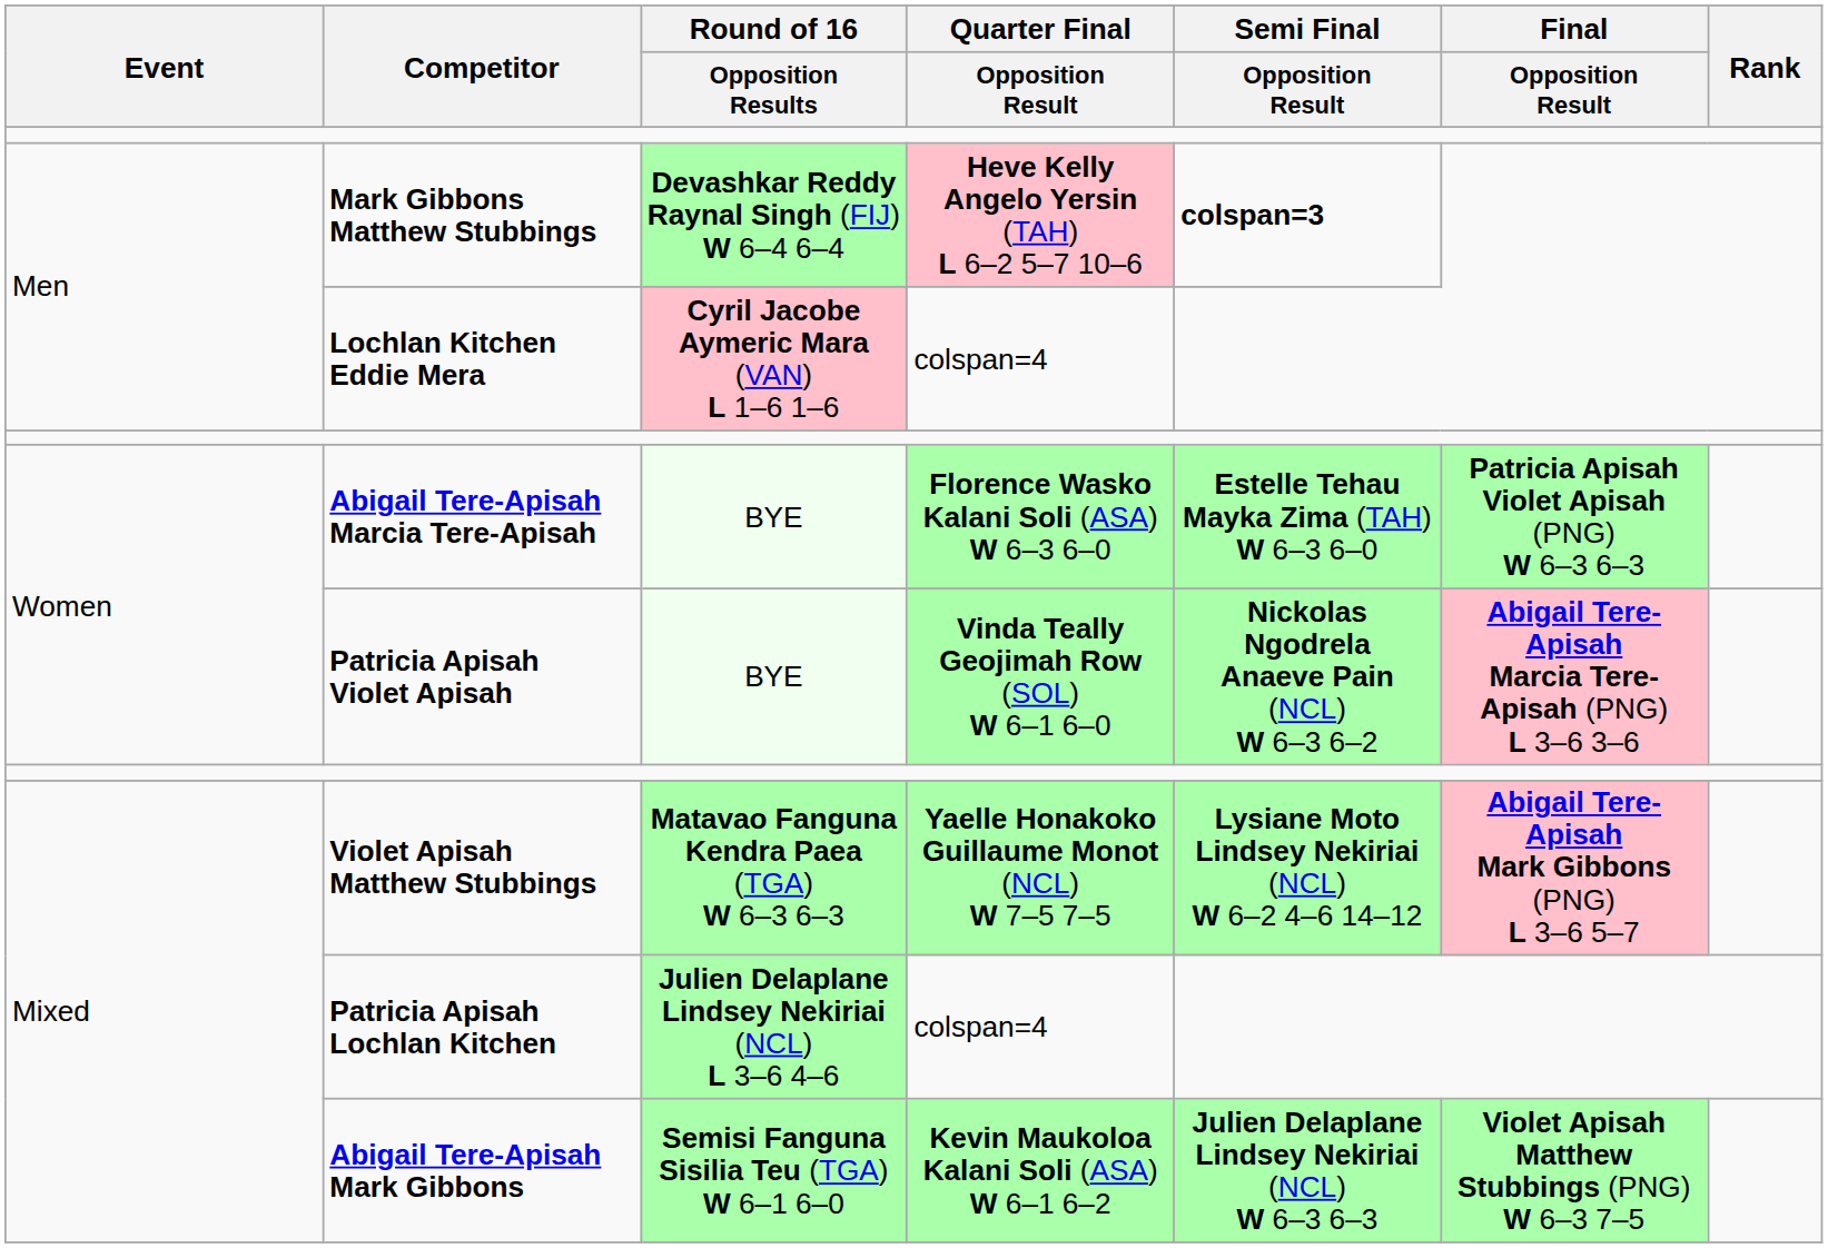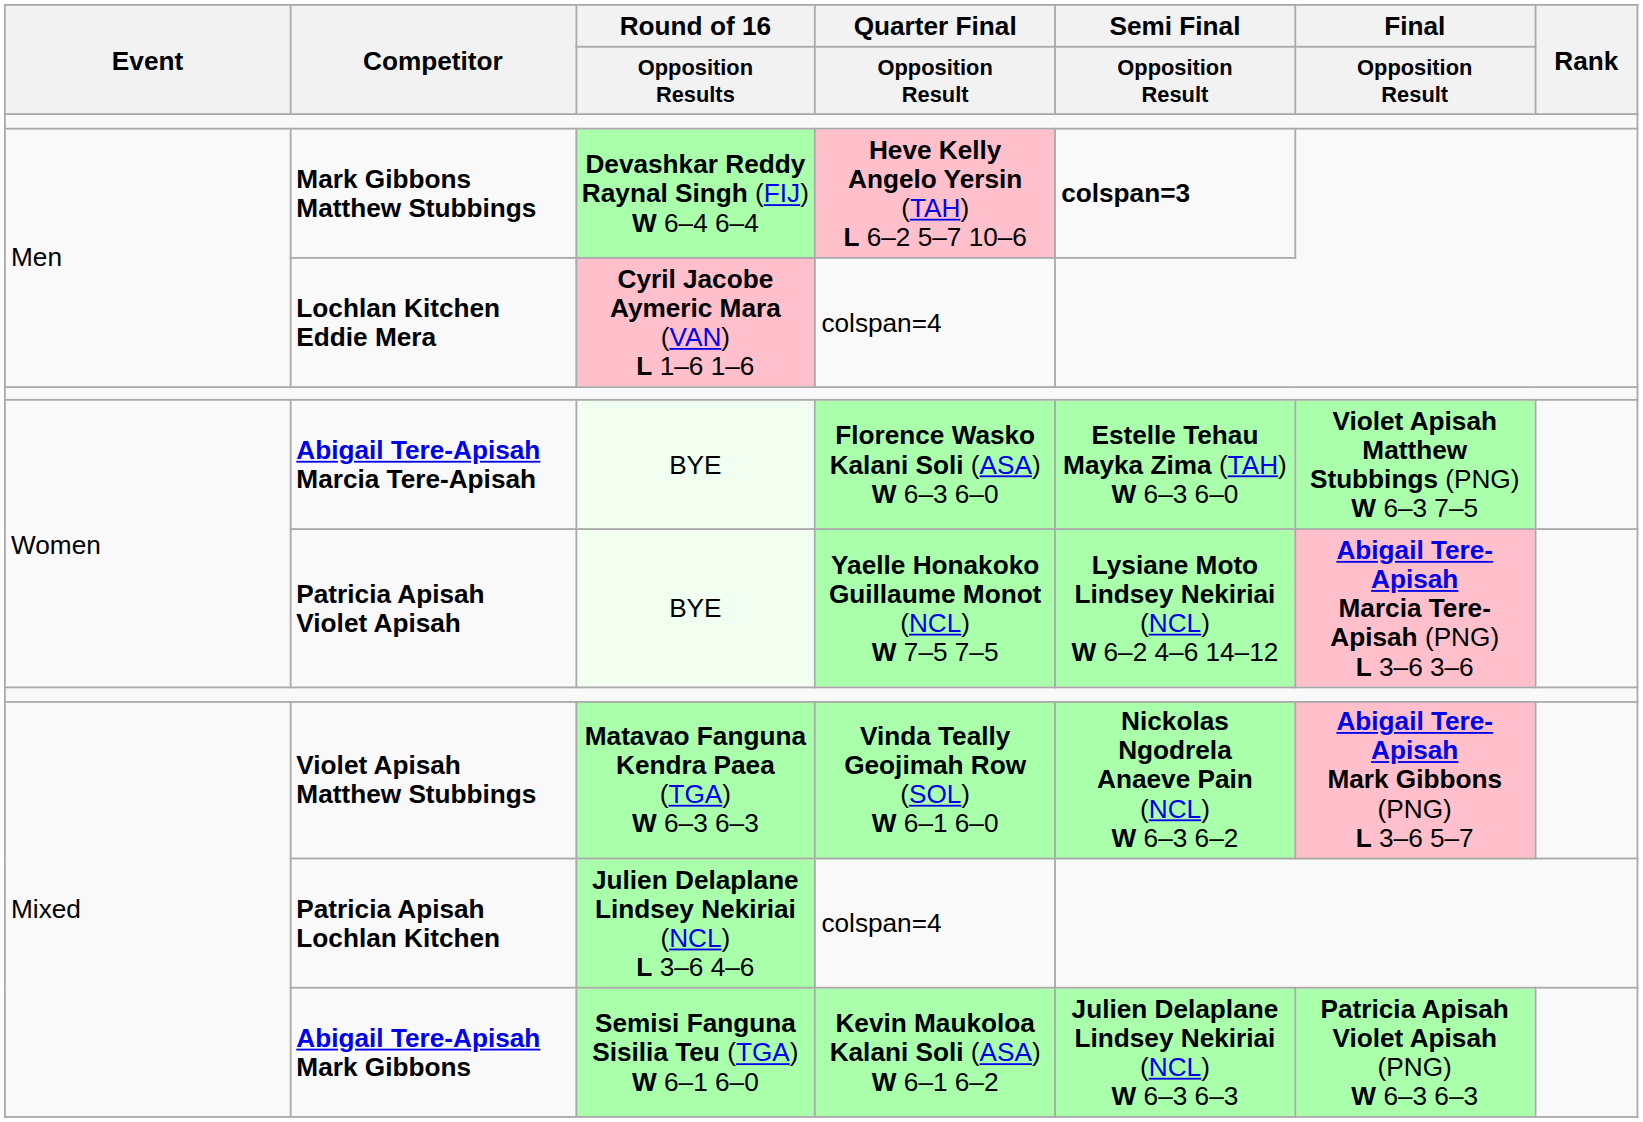 <table class=wikitable style="font-size:90%">
 <tr>
 <th rowspan="2" width=150>Event</th>
 <th rowspan="2" width=150>Competitor</th>
 <th width=125>Round of 16</th>
 <th width=125>Quarter Final</th>
 <th width=125>Semi Final</th>
 <th width=125>Final</th>
 <th rowspan="2" width=50>Rank</th>
 </tr>
 <tr>
 <th style="line-height:1em"><small>Opposition<br>Results</small></th>
 <th style="line-height:1em"><small>Opposition<br>Result</small></th>
 <th style="line-height:1em"><small>Opposition<br>Result</small></th>
 <th style="line-height:1em"><small>Opposition<br>Result</small></th>
 </tr>
 <tr>
 <td colspan=7 height=1></td>
 </tr>
 <tr>
 <td rowspan=2>Men</td>
 <td><strong>Mark Gibbons</strong><br><strong>Matthew Stubbings</strong></td>
 <td align="center" bgcolor="aaffaa"> <strong>Devashkar Reddy</strong><br><strong>Raynal Singh</strong> (<a href='#'>FIJ</a>)<br><strong>W</strong> 6–4 6–4</td>
 <td align="center" bgcolor="pink"> <strong>Heve Kelly</strong><br><strong>Angelo Yersin</strong> (<a href='#'>TAH</a>)<br><strong>L</strong> 6–2 5–7 10–6</td>
 <td><strong>colspan=3 </strong></td>
 </tr>
 <tr>
 <td><strong>Lochlan Kitchen</strong><br><strong>Eddie Mera</strong></td>
 <td align="center" bgcolor="pink"> <strong>Cyril Jacobe</strong><br><strong>Aymeric Mara</strong> (<a href='#'>VAN</a>)<br><strong>L</strong> 1–6 1–6</td>
 <td>colspan=4 </td>
 </tr>
 <tr>
 <td colspan=7 height=1></td>
 </tr>
 <tr>
 <td rowspan=2>Women</td>
 <td><strong><a href='#'>Abigail Tere-Apisah</a></strong> <br> <strong>Marcia Tere-Apisah</strong></td>
 <td align="center" bgcolor="honeydew">BYE</td>
 <td align="center" bgcolor="aaffaa"> <strong>Florence Wasko</strong><br><strong>Kalani Soli</strong> (<a href='#'>ASA</a>)<br><strong>W</strong> 6–3 6–0</td>
 <td align="center" bgcolor="aaffaa"> <strong>Estelle Tehau</strong><br><strong>Mayka Zima</strong> (<a href='#'>TAH</a>)<br><strong>W</strong> 6–3 6–0</td>
-<td align="center" bgcolor="aaffaa"> <strong>Patricia Apisah</strong><br><strong>Violet Apisah</strong> (PNG)<br><strong>W</strong> 6–3 6–3</td>
+<td align="center" bgcolor="aaffaa"> <strong>Violet Apisah</strong> <br> <strong>Matthew Stubbings</strong> (PNG)<br><strong>W</strong> 6–3 7–5</td>
 <td align="center"></td>
 </tr>
 <tr>
 <td><strong>Patricia Apisah</strong><br><strong>Violet Apisah</strong></td>
 <td align="center" bgcolor="honeydew">BYE</td>
-<td align="center" bgcolor="aaffaa"> <strong>Vinda Teally</strong><br><strong>Geojimah Row</strong> (<a href='#'>SOL</a>)<br><strong>W</strong> 6–1 6–0</td>
-<td align="center" bgcolor="aaffaa"> <strong>Nickolas Ngodrela</strong><br><strong>Anaeve Pain</strong> (<a href='#'>NCL</a>)<br><strong>W</strong> 6–3 6–2</td>
+<td align="center" bgcolor="aaffaa"> <strong>Yaelle Honakoko</strong><br><strong>Guillaume Monot</strong> (<a href='#'>NCL</a>)<br><strong>W</strong> 7–5 7–5</td>
+<td align="center" bgcolor="aaffaa"> <strong>Lysiane Moto</strong><br><strong>Lindsey Nekiriai</strong> (<a href='#'>NCL</a>)<br><strong>W</strong> 6–2 4–6 14–12</td>
 <td align="center" bgcolor="pink"> <strong><a href='#'>Abigail Tere-Apisah</a></strong> <br> <strong>Marcia Tere-Apisah</strong> (PNG)<br><strong>L</strong> 3–6 3–6</td>
 <td align="center"></td>
 </tr>
 <tr>
 <td colspan=7 height=1></td>
 </tr>
 <tr>
 <td rowspan=3>Mixed</td>
 <td><strong>Violet Apisah</strong> <br> <strong>Matthew Stubbings</strong></td>
 <td align="center" bgcolor="aaffaa"> <strong>Matavao Fanguna</strong><br><strong>Kendra Paea</strong> (<a href='#'>TGA</a>)<br><strong>W</strong> 6–3 6–3</td>
-<td align="center" bgcolor="aaffaa"> <strong>Yaelle Honakoko</strong><br><strong>Guillaume Monot</strong> (<a href='#'>NCL</a>)<br><strong>W</strong> 7–5 7–5</td>
-<td align="center" bgcolor="aaffaa"> <strong>Lysiane Moto</strong><br><strong>Lindsey Nekiriai</strong> (<a href='#'>NCL</a>)<br><strong>W</strong> 6–2 4–6 14–12</td>
+<td align="center" bgcolor="aaffaa"> <strong>Vinda Teally</strong><br><strong>Geojimah Row</strong> (<a href='#'>SOL</a>)<br><strong>W</strong> 6–1 6–0</td>
+<td align="center" bgcolor="aaffaa"> <strong>Nickolas Ngodrela</strong><br><strong>Anaeve Pain</strong> (<a href='#'>NCL</a>)<br><strong>W</strong> 6–3 6–2</td>
 <td align="center" bgcolor="pink"> <strong><a href='#'>Abigail Tere-Apisah</a></strong> <br><strong>Mark Gibbons</strong> (PNG)<br><strong>L</strong> 3–6 5–7</td>
 <td align="center"></td>
 </tr>
 <tr>
 <td><strong>Patricia Apisah</strong><br><strong>Lochlan Kitchen</strong></td>
 <td align="center" bgcolor="aaffaa"> <strong>Julien Delaplane</strong><br><strong>Lindsey Nekiriai</strong> (<a href='#'>NCL</a>)<br><strong>L</strong> 3–6 4–6</td>
 <td>colspan=4 </td>
 </tr>
 <tr>
 <td><strong><a href='#'>Abigail Tere-Apisah</a></strong><br><strong>Mark Gibbons</strong></td>
 <td align="center" bgcolor="aaffaa"> <strong>Semisi Fanguna</strong><br><strong>Sisilia Teu</strong> (<a href='#'>TGA</a>)<br><strong>W</strong> 6–1 6–0</td>
 <td align="center" bgcolor="aaffaa"> <strong>Kevin Maukoloa</strong><br><strong>Kalani Soli</strong> (<a href='#'>ASA</a>)<br><strong>W</strong> 6–1 6–2</td>
 <td align="center" bgcolor="aaffaa"> <strong>Julien Delaplane</strong><br><strong>Lindsey Nekiriai</strong> (<a href='#'>NCL</a>)<br><strong>W</strong> 6–3 6–3</td>
-<td align="center" bgcolor="aaffaa"> <strong>Violet Apisah</strong> <br> <strong>Matthew Stubbings</strong> (PNG)<br><strong>W</strong> 6–3 7–5</td>
+<td align="center" bgcolor="aaffaa"> <strong>Patricia Apisah</strong><br><strong>Violet Apisah</strong> (PNG)<br><strong>W</strong> 6–3 6–3</td>
 <td align="center"></td>
 </tr>
 </table>
